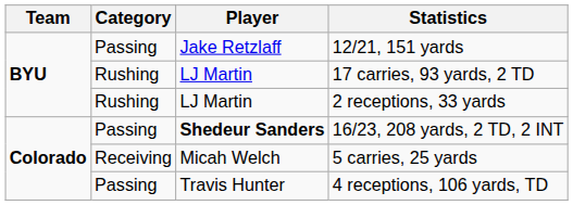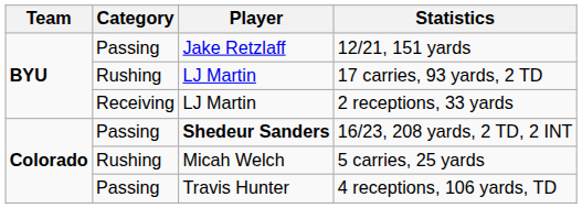 <table class="wikitable" style="float: right;">
 <tr>
 <th>Team</th>
 <th>Category</th>
 <th>Player</th>
 <th>Statistics</th>
 </tr>
 <tr>
 <td rowspan=3><strong>BYU</strong></td>
 <td>Passing</td>
 <td><a href='#'>Jake Retzlaff</a></td>
 <td>12/21, 151 yards</td>
 </tr>
 <tr>
 <td>Rushing</td>
 <td><a href='#'>LJ Martin</a></td>
 <td>17 carries, 93 yards, 2 TD</td>
 </tr>
 <tr>
-<td>Rushing</td>
+<td>Receiving</td>
 <td>LJ Martin</td>
 <td>2 receptions, 33 yards</td>
 </tr>
 <tr>
 <td rowspan=3><strong>Colorado</strong></td>
 <td>Passing</td>
 <td><strong>Shedeur Sanders</strong></td>
 <td>16/23, 208 yards, 2 TD, 2 INT</td>
 </tr>
 <tr>
-<td>Receiving</td>
+<td>Rushing</td>
 <td>Micah Welch</td>
 <td>5 carries, 25 yards</td>
 </tr>
 <tr>
 <td>Passing</td>
 <td>Travis Hunter</td>
 <td>4 receptions, 106 yards, TD</td>
 </tr>
 </table>
